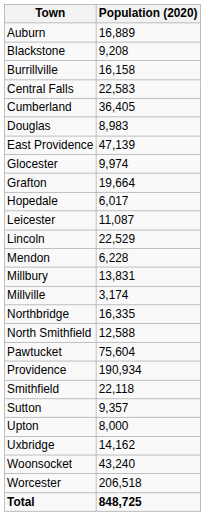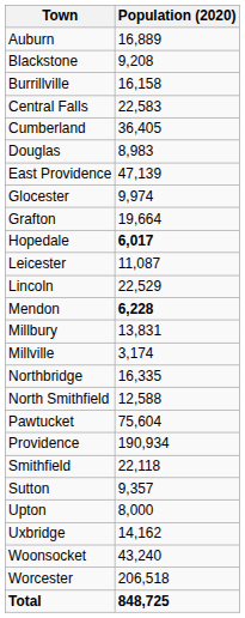 <table class="wikitable">
 <tr>
 <th>Town</th>
 <th>Population (2020)</th>
 </tr>
 <tr>
 <td>Auburn</td>
 <td>16,889</td>
 </tr>
 <tr>
 <td>Blackstone</td>
 <td>9,208</td>
 </tr>
 <tr>
 <td>Burrillville</td>
 <td>16,158</td>
 </tr>
 <tr>
 <td>Central Falls</td>
 <td>22,583</td>
 </tr>
 <tr>
 <td>Cumberland</td>
 <td>36,405</td>
 </tr>
 <tr>
 <td>Douglas</td>
 <td>8,983</td>
 </tr>
 <tr>
 <td>East Providence</td>
 <td>47,139</td>
 </tr>
 <tr>
 <td>Glocester</td>
 <td>9,974</td>
 </tr>
 <tr>
 <td>Grafton</td>
 <td>19,664</td>
 </tr>
 <tr>
 <td>Hopedale</td>
-<td>6,017</td>
+<td><strong>6,017</strong></td>
 </tr>
 <tr>
 <td>Leicester</td>
 <td>11,087</td>
 </tr>
 <tr>
 <td>Lincoln</td>
 <td>22,529</td>
 </tr>
 <tr>
 <td>Mendon</td>
-<td>6,228</td>
+<td><strong>6,228</strong></td>
 </tr>
 <tr>
 <td>Millbury</td>
 <td>13,831</td>
 </tr>
 <tr>
 <td>Millville</td>
 <td>3,174</td>
 </tr>
 <tr>
 <td>Northbridge</td>
 <td>16,335</td>
 </tr>
 <tr>
 <td>North Smithfield</td>
 <td>12,588</td>
 </tr>
 <tr>
 <td>Pawtucket</td>
 <td>75,604</td>
 </tr>
 <tr>
 <td>Providence</td>
 <td>190,934</td>
 </tr>
 <tr>
 <td>Smithfield</td>
 <td>22,118</td>
 </tr>
 <tr>
 <td>Sutton</td>
 <td>9,357</td>
 </tr>
 <tr>
 <td>Upton</td>
 <td>8,000</td>
 </tr>
 <tr>
 <td>Uxbridge</td>
 <td>14,162</td>
 </tr>
 <tr>
 <td>Woonsocket</td>
 <td>43,240</td>
 </tr>
 <tr>
 <td>Worcester</td>
 <td>206,518</td>
 </tr>
 <tr>
 <td><strong>Total</strong></td>
 <td><strong>848,725</strong></td>
 </tr>
 </table>
